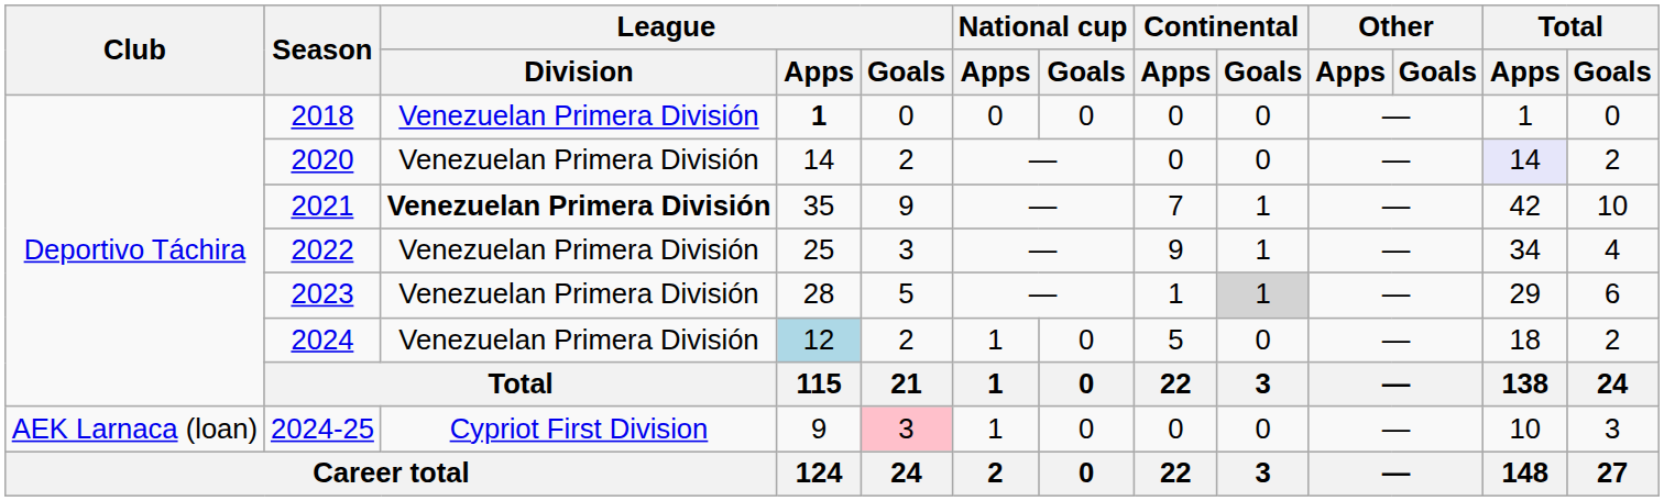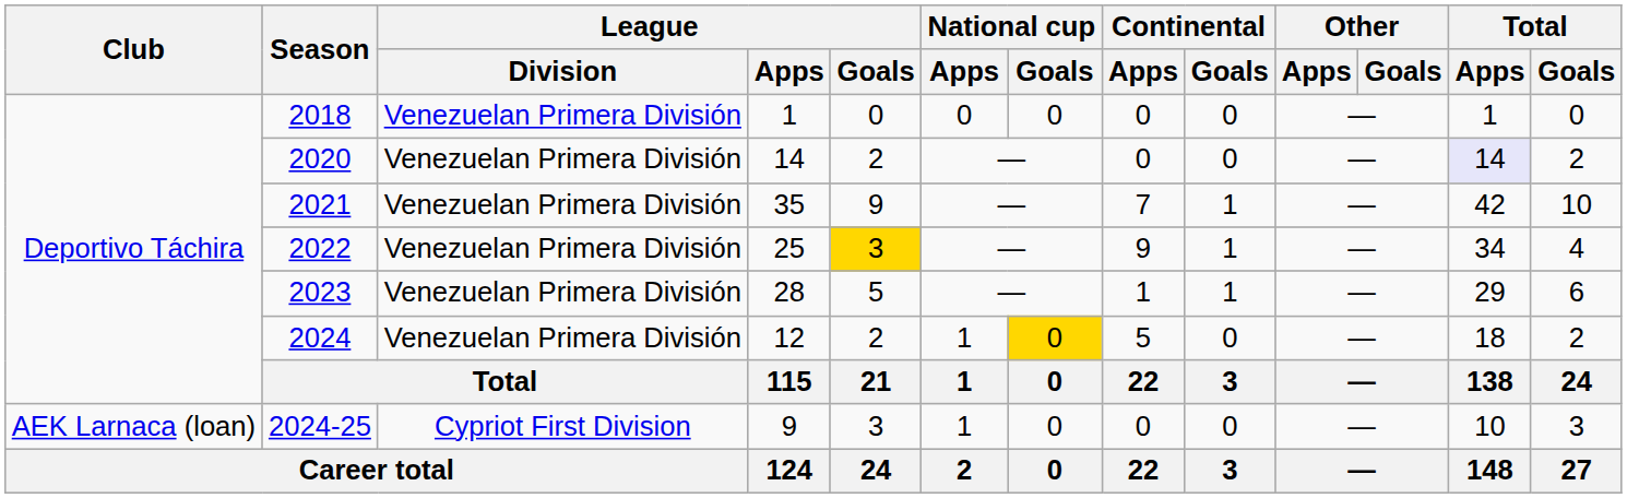 <table class="wikitable" style="text-align: center;">
 <tr>
 <th rowspan="2">Club</th>
 <th rowspan="2">Season</th>
 <th colspan="3">League</th>
 <th colspan="2">National cup</th>
 <th colspan="2">Continental</th>
 <th colspan="2">Other</th>
 <th colspan="2">Total</th>
 </tr>
 <tr>
 <th>Division</th>
 <th>Apps</th>
 <th>Goals</th>
 <th>Apps</th>
 <th>Goals</th>
 <th>Apps</th>
 <th>Goals</th>
 <th>Apps</th>
 <th>Goals</th>
 <th>Apps</th>
 <th>Goals</th>
 </tr>
 <tr>
 <td rowspan="7"><a href='#'>Deportivo Táchira</a></td>
 <td><a href='#'>2018</a></td>
 <td><a href='#'>Venezuelan Primera División</a></td>
-<td><strong>1</strong></td>
+<td>1</td>
 <td>0</td>
 <td>0</td>
 <td>0</td>
 <td>0</td>
 <td>0</td>
 <td colspan="2">—</td>
 <td>1</td>
 <td>0</td>
 </tr>
 <tr>
 <td><a href='#'>2020</a></td>
 <td>Venezuelan Primera División</td>
 <td>14</td>
 <td>2</td>
 <td colspan="2">—</td>
 <td>0</td>
 <td>0</td>
 <td colspan="2">—</td>
 <td style="background: lavender;">14</td>
 <td>2</td>
 </tr>
 <tr>
 <td><a href='#'>2021</a></td>
-<td><strong>Venezuelan Primera División</strong></td>
+<td>Venezuelan Primera División</td>
 <td>35</td>
 <td>9</td>
 <td colspan="2">—</td>
 <td>7</td>
 <td>1</td>
 <td colspan="2">—</td>
 <td>42</td>
 <td>10</td>
 </tr>
 <tr>
 <td><a href='#'>2022</a></td>
 <td>Venezuelan Primera División</td>
 <td>25</td>
-<td>3</td>
+<td style="background: gold;">3</td>
 <td colspan="2">—</td>
 <td>9</td>
 <td>1</td>
 <td colspan="2">—</td>
 <td>34</td>
 <td>4</td>
 </tr>
 <tr>
 <td><a href='#'>2023</a></td>
 <td>Venezuelan Primera División</td>
 <td>28</td>
 <td>5</td>
 <td colspan="2">—</td>
 <td>1</td>
-<td style="background: lightgrey;">1</td>
+<td>1</td>
 <td colspan="2">—</td>
 <td>29</td>
 <td>6</td>
 </tr>
 <tr>
 <td><a href='#'>2024</a></td>
 <td>Venezuelan Primera División</td>
-<td style="background: lightblue;">12</td>
+<td>12</td>
 <td>2</td>
 <td>1</td>
-<td>0</td>
+<td style="background: gold;">0</td>
 <td>5</td>
 <td>0</td>
 <td colspan="2">—</td>
 <td>18</td>
 <td>2</td>
 </tr>
 <tr>
 <th colspan="2">Total</th>
 <th>115</th>
 <th>21</th>
 <th>1</th>
 <th>0</th>
 <th>22</th>
 <th>3</th>
 <th colspan="2">—</th>
 <th>138</th>
 <th>24</th>
 </tr>
 <tr>
 <td><a href='#'>AEK Larnaca</a> (loan)</td>
 <td><a href='#'>2024-25</a></td>
 <td><a href='#'>Cypriot First Division</a></td>
 <td>9</td>
-<td style="background: pink;">3</td>
+<td>3</td>
 <td>1</td>
 <td>0</td>
 <td>0</td>
 <td>0</td>
 <td colspan="2">—</td>
 <td>10</td>
 <td>3</td>
 </tr>
 <tr>
 <th colspan="3">Career total</th>
 <th>124</th>
 <th>24</th>
 <th>2</th>
 <th>0</th>
 <th>22</th>
 <th>3</th>
 <th colspan="2">—</th>
 <th>148</th>
 <th>27</th>
 </tr>
 </table>
